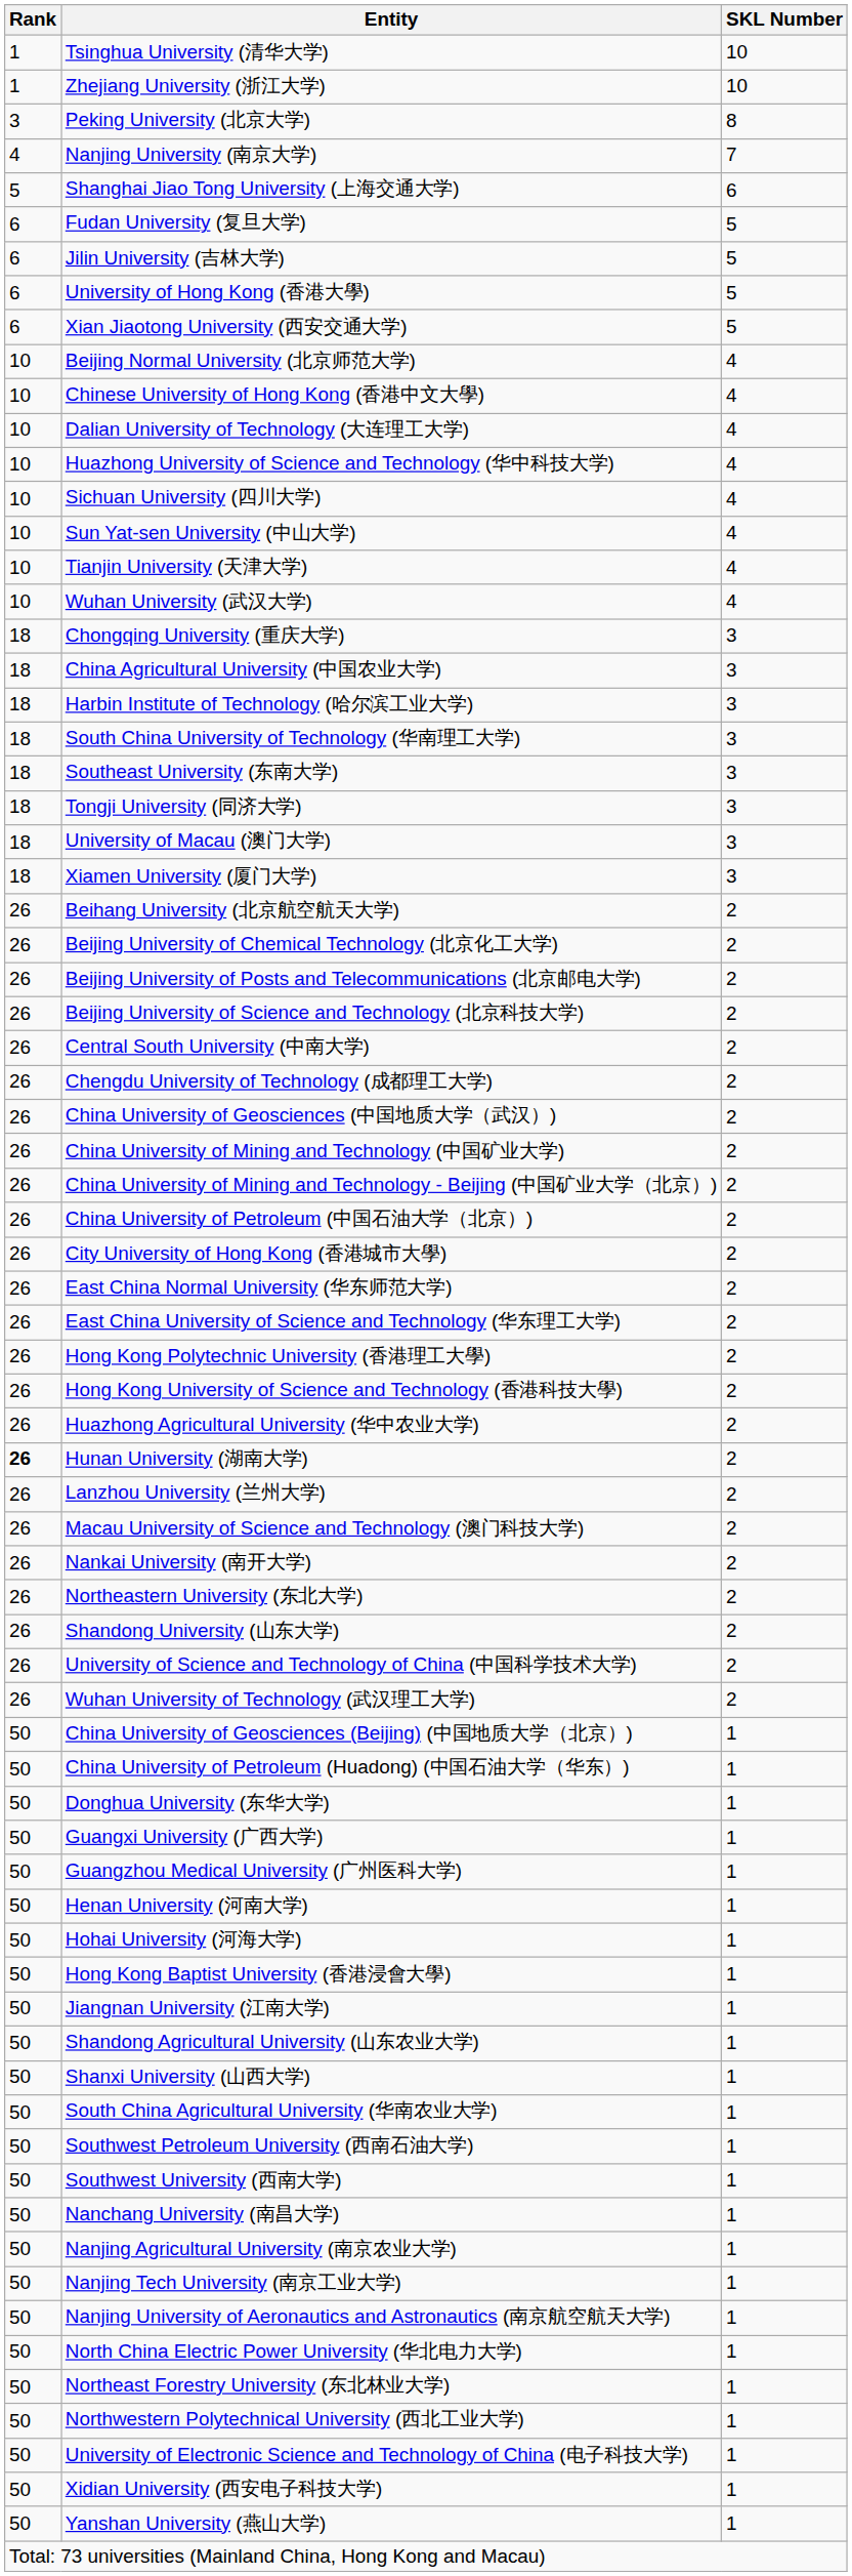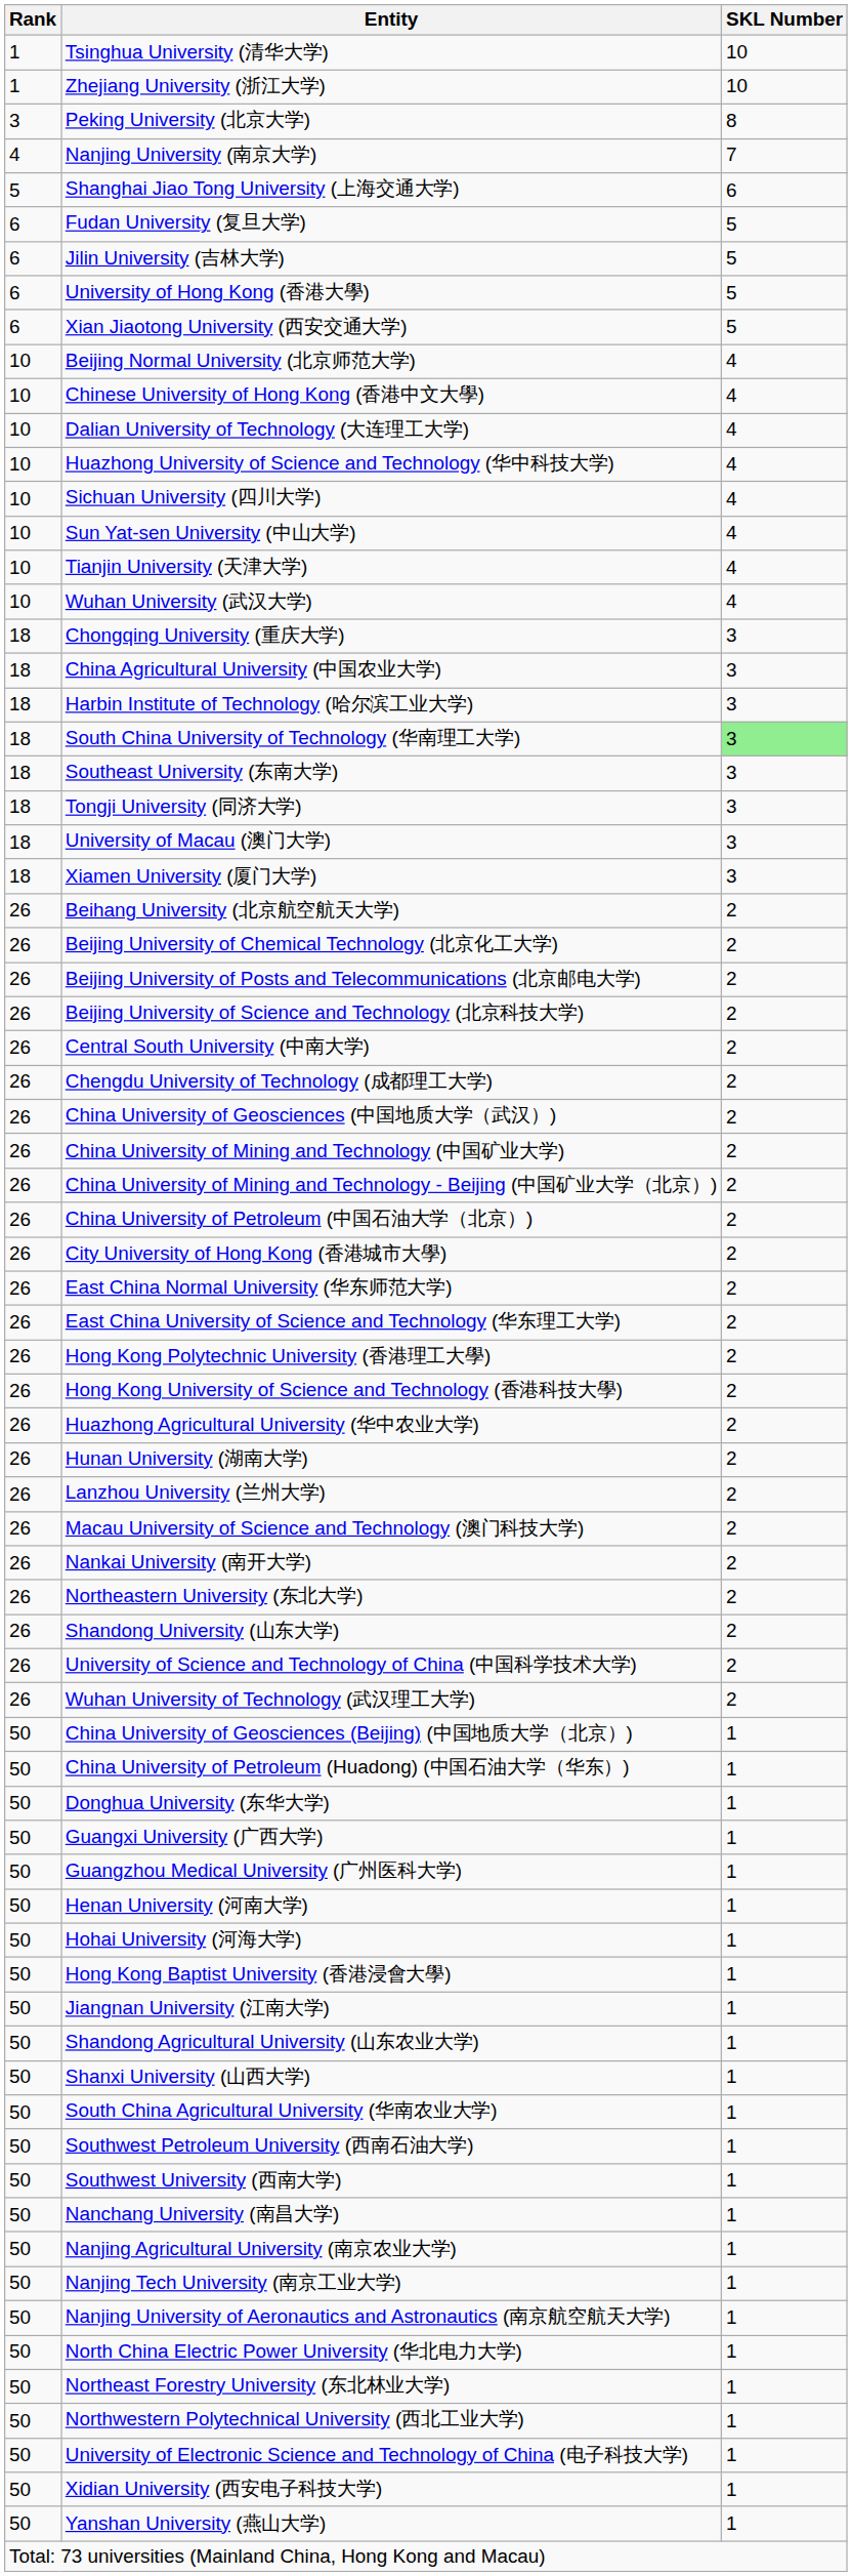 <table class="wikitable">
 <tr>
 <th>Rank</th>
 <th>Entity</th>
 <th>SKL Number</th>
 </tr>
 <tr>
 <td>1</td>
 <td><a href='#'>Tsinghua University</a> (清华大学)</td>
 <td>10</td>
 </tr>
 <tr>
 <td>1</td>
 <td><a href='#'>Zhejiang University</a> (浙江大学)</td>
 <td>10</td>
 </tr>
 <tr>
 <td>3</td>
 <td><a href='#'>Peking University</a> (北京大学)</td>
 <td>8</td>
 </tr>
 <tr>
 <td>4</td>
 <td><a href='#'>Nanjing University</a> (南京大学)</td>
 <td>7</td>
 </tr>
 <tr>
 <td>5</td>
 <td><a href='#'>Shanghai Jiao Tong University</a> (上海交通大学)</td>
 <td>6</td>
 </tr>
 <tr>
 <td>6</td>
 <td><a href='#'>Fudan University</a> (复旦大学)</td>
 <td>5</td>
 </tr>
 <tr>
 <td>6</td>
 <td><a href='#'>Jilin University</a>  (吉林大学)</td>
 <td>5</td>
 </tr>
 <tr>
 <td>6</td>
 <td><a href='#'>University of Hong Kong</a> (香港大學)</td>
 <td>5</td>
 </tr>
 <tr>
 <td>6</td>
 <td><a href='#'>Xian Jiaotong University</a> (西安交通大学)</td>
 <td>5</td>
 </tr>
 <tr>
 <td>10</td>
 <td><a href='#'>Beijing Normal University</a> (北京师范大学)</td>
 <td>4</td>
 </tr>
 <tr>
 <td>10</td>
 <td><a href='#'>Chinese University of Hong Kong</a> (香港中文大學)</td>
 <td>4</td>
 </tr>
 <tr>
 <td>10</td>
 <td><a href='#'>Dalian University of Technology</a> (大连理工大学)</td>
 <td>4</td>
 </tr>
 <tr>
 <td>10</td>
 <td><a href='#'>Huazhong University of Science and Technology</a> (华中科技大学)</td>
 <td>4</td>
 </tr>
 <tr>
 <td>10</td>
 <td><a href='#'>Sichuan University</a> (四川大学)</td>
 <td>4</td>
 </tr>
 <tr>
 <td>10</td>
 <td><a href='#'>Sun Yat-sen University</a> (中山大学)</td>
 <td>4</td>
 </tr>
 <tr>
 <td>10</td>
 <td><a href='#'>Tianjin University</a> (天津大学)</td>
 <td>4</td>
 </tr>
 <tr>
 <td>10</td>
 <td><a href='#'>Wuhan University</a> (武汉大学)</td>
 <td>4</td>
 </tr>
 <tr>
 <td>18</td>
 <td><a href='#'>Chongqing University</a> (重庆大学)</td>
 <td>3</td>
 </tr>
 <tr>
 <td>18</td>
 <td><a href='#'>China Agricultural University</a> (中国农业大学)</td>
 <td>3</td>
 </tr>
 <tr>
 <td>18</td>
 <td><a href='#'>Harbin Institute of Technology</a> (哈尔滨工业大学)</td>
 <td>3</td>
 </tr>
 <tr>
 <td>18</td>
 <td><a href='#'>South China University of Technology</a> (华南理工大学)</td>
-<td>3</td>
+<td style="background: lightgreen;">3</td>
 </tr>
 <tr>
 <td>18</td>
 <td><a href='#'>Southeast University</a> (东南大学)</td>
 <td>3</td>
 </tr>
 <tr>
 <td>18</td>
 <td><a href='#'>Tongji University</a> (同济大学)</td>
 <td>3</td>
 </tr>
 <tr>
 <td>18</td>
 <td><a href='#'>University of Macau</a> (澳门大学)</td>
 <td>3</td>
 </tr>
 <tr>
 <td>18</td>
 <td><a href='#'>Xiamen University</a> (厦门大学)</td>
 <td>3</td>
 </tr>
 <tr>
 <td>26</td>
 <td><a href='#'>Beihang University</a> (北京航空航天大学)</td>
 <td>2</td>
 </tr>
 <tr>
 <td>26</td>
 <td><a href='#'>Beijing University of Chemical Technology</a> (北京化工大学)</td>
 <td>2</td>
 </tr>
 <tr>
 <td>26</td>
 <td><a href='#'>Beijing University of Posts and Telecommunications</a> (北京邮电大学)</td>
 <td>2</td>
 </tr>
 <tr>
 <td>26</td>
 <td><a href='#'>Beijing University of Science and Technology</a> (北京科技大学)</td>
 <td>2</td>
 </tr>
 <tr>
 <td>26</td>
 <td><a href='#'>Central South University</a> (中南大学)</td>
 <td>2</td>
 </tr>
 <tr>
 <td>26</td>
 <td><a href='#'>Chengdu University of Technology</a> (成都理工大学)</td>
 <td>2</td>
 </tr>
 <tr>
 <td>26</td>
 <td><a href='#'>China University of Geosciences</a> (中国地质大学（武汉）)</td>
 <td>2</td>
 </tr>
 <tr>
 <td>26</td>
 <td><a href='#'>China University of Mining and Technology</a> (中国矿业大学)</td>
 <td>2</td>
 </tr>
 <tr>
 <td>26</td>
 <td><a href='#'>China University of Mining and Technology - Beijing</a> (中国矿业大学（北京）)</td>
 <td>2</td>
 </tr>
 <tr>
 <td>26</td>
 <td><a href='#'>China University of Petroleum</a> (中国石油大学（北京）)</td>
 <td>2</td>
 </tr>
 <tr>
 <td>26</td>
 <td><a href='#'>City University of Hong Kong</a> (香港城市大學)</td>
 <td>2</td>
 </tr>
 <tr>
 <td>26</td>
 <td><a href='#'>East China Normal University</a> (华东师范大学)</td>
 <td>2</td>
 </tr>
 <tr>
 <td>26</td>
 <td><a href='#'>East China University of Science and Technology</a> (华东理工大学)</td>
 <td>2</td>
 </tr>
 <tr>
 <td>26</td>
 <td><a href='#'>Hong Kong Polytechnic University</a> (香港理工大學)</td>
 <td>2</td>
 </tr>
 <tr>
 <td>26</td>
 <td><a href='#'>Hong Kong University of Science and Technology</a> (香港科技大學)</td>
 <td>2</td>
 </tr>
 <tr>
 <td>26</td>
 <td><a href='#'>Huazhong Agricultural University</a> (华中农业大学)</td>
 <td>2</td>
 </tr>
 <tr>
-<td><strong>26</strong></td>
+<td>26</td>
 <td><a href='#'>Hunan University</a> (湖南大学)</td>
 <td>2</td>
 </tr>
 <tr>
 <td>26</td>
 <td><a href='#'>Lanzhou University</a> (兰州大学)</td>
 <td>2</td>
 </tr>
 <tr>
 <td>26</td>
 <td><a href='#'>Macau University of Science and Technology</a> (澳门科技大学)</td>
 <td>2</td>
 </tr>
 <tr>
 <td>26</td>
 <td><a href='#'>Nankai University</a> (南开大学)</td>
 <td>2</td>
 </tr>
 <tr>
 <td>26</td>
 <td><a href='#'>Northeastern University</a> (东北大学)</td>
 <td>2</td>
 </tr>
 <tr>
 <td>26</td>
 <td><a href='#'>Shandong University</a> (山东大学)</td>
 <td>2</td>
 </tr>
 <tr>
 <td>26</td>
 <td><a href='#'>University of Science and Technology of China</a> (中国科学技术大学)</td>
 <td>2</td>
 </tr>
 <tr>
 <td>26</td>
 <td><a href='#'>Wuhan University of Technology</a> (武汉理工大学)</td>
 <td>2</td>
 </tr>
 <tr>
 <td>50</td>
 <td><a href='#'>China University of Geosciences (Beijing)</a> (中国地质大学（北京）)</td>
 <td>1</td>
 </tr>
 <tr>
 <td>50</td>
 <td><a href='#'>China University of Petroleum</a> (Huadong) (中国石油大学（华东）)</td>
 <td>1</td>
 </tr>
 <tr>
 <td>50</td>
 <td><a href='#'>Donghua University</a> (东华大学)</td>
 <td>1</td>
 </tr>
 <tr>
 <td>50</td>
 <td><a href='#'>Guangxi University</a> (广西大学)</td>
 <td>1</td>
 </tr>
 <tr>
 <td>50</td>
 <td><a href='#'>Guangzhou Medical University</a> (广州医科大学)</td>
 <td>1</td>
 </tr>
 <tr>
 <td>50</td>
 <td><a href='#'>Henan University</a> (河南大学)</td>
 <td>1</td>
 </tr>
 <tr>
 <td>50</td>
 <td><a href='#'>Hohai University</a> (河海大学)</td>
 <td>1</td>
 </tr>
 <tr>
 <td>50</td>
 <td><a href='#'>Hong Kong Baptist University</a> (香港浸會大學)</td>
 <td>1</td>
 </tr>
 <tr>
 <td>50</td>
 <td><a href='#'>Jiangnan University</a> (江南大学)</td>
 <td>1</td>
 </tr>
 <tr>
 <td>50</td>
 <td><a href='#'>Shandong Agricultural University</a> (山东农业大学)</td>
 <td>1</td>
 </tr>
 <tr>
 <td>50</td>
 <td><a href='#'>Shanxi University</a> (山西大学)</td>
 <td>1</td>
 </tr>
 <tr>
 <td>50</td>
 <td><a href='#'>South China Agricultural University</a> (华南农业大学)</td>
 <td>1</td>
 </tr>
 <tr>
 <td>50</td>
 <td><a href='#'>Southwest Petroleum University</a> (西南石油大学)</td>
 <td>1</td>
 </tr>
 <tr>
 <td>50</td>
 <td><a href='#'>Southwest University</a> (西南大学)</td>
 <td>1</td>
 </tr>
 <tr>
 <td>50</td>
 <td><a href='#'>Nanchang University</a> (南昌大学)</td>
 <td>1</td>
 </tr>
 <tr>
 <td>50</td>
 <td><a href='#'>Nanjing Agricultural University</a> (南京农业大学)</td>
 <td>1</td>
 </tr>
 <tr>
 <td>50</td>
 <td><a href='#'>Nanjing Tech University</a> (南京工业大学)</td>
 <td>1</td>
 </tr>
 <tr>
 <td>50</td>
 <td><a href='#'>Nanjing University of Aeronautics and Astronautics</a> (南京航空航天大学)</td>
 <td>1</td>
 </tr>
 <tr>
 <td>50</td>
 <td><a href='#'>North China Electric Power University</a> (华北电力大学)</td>
 <td>1</td>
 </tr>
 <tr>
 <td>50</td>
 <td><a href='#'>Northeast Forestry University</a> (东北林业大学)</td>
 <td>1</td>
 </tr>
 <tr>
 <td>50</td>
 <td><a href='#'>Northwestern Polytechnical University</a> (西北工业大学)</td>
 <td>1</td>
 </tr>
 <tr>
 <td>50</td>
 <td><a href='#'>University of Electronic Science and Technology of China</a> (电子科技大学)</td>
 <td>1</td>
 </tr>
 <tr>
 <td>50</td>
 <td><a href='#'>Xidian University</a> (西安电子科技大学)</td>
 <td>1</td>
 </tr>
 <tr>
 <td>50</td>
 <td><a href='#'>Yanshan University</a> (燕山大学)</td>
 <td>1</td>
 </tr>
 <tr>
 <td colspan="3">Total: 73 universities (Mainland China, Hong Kong and Macau)</td>
 </tr>
 </table>
